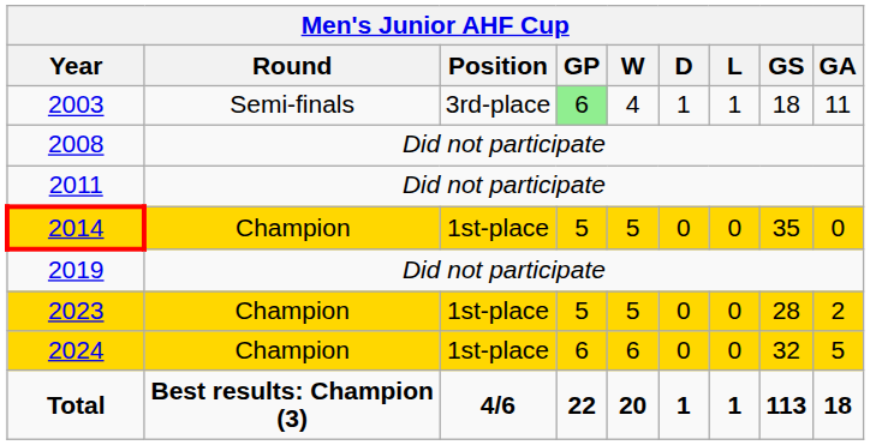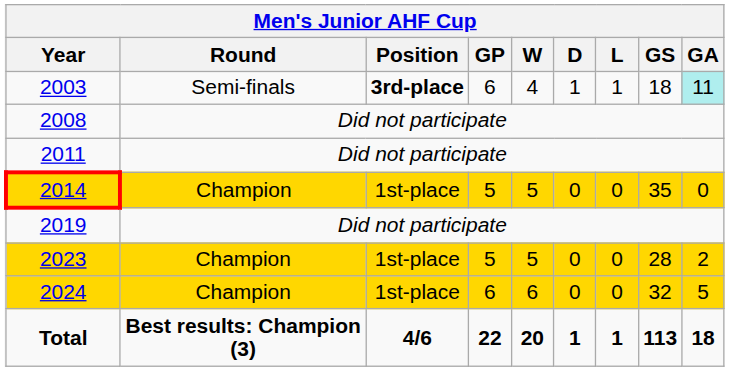 <table class="wikitable" style="text-align: center">
 <tr>
 <th colspan=9><a href='#'>Men's Junior AHF Cup</a></th>
 </tr>
 <tr>
 <th width=80>Year</th>
 <th width=180>Round</th>
 <th>Position</th>
 <th width=25>GP</th>
 <th width=25>W</th>
 <th width=25>D</th>
 <th width=25>L</th>
 <th width=25>GS</th>
 <th width=25>GA</th>
 </tr>
 <tr>
 <td> <a href='#'>2003</a></td>
 <td>Semi-finals</td>
-<td>3rd-place</td>
-<td style="background: lightgreen;">6</td>
+<td><strong>3rd-place</strong></td>
+<td>6</td>
 <td>4</td>
 <td>1</td>
 <td>1</td>
 <td>18</td>
-<td>11</td>
+<td style="background: paleturquoise;">11</td>
 </tr>
 <tr>
 <td> <a href='#'>2008</a></td>
 <td colspan=8><em>Did not participate</em></td>
 </tr>
 <tr>
 <td> <a href='#'>2011</a></td>
 <td colspan=8><em>Did not participate</em></td>
 </tr>
 <tr bgcolor=gold>
 <td style="border: 3px solid red"> <a href='#'>2014</a></td>
 <td>Champion</td>
 <td>1st-place</td>
 <td>5</td>
 <td>5</td>
 <td>0</td>
 <td>0</td>
 <td>35</td>
 <td>0</td>
 </tr>
 <tr>
 <td> <a href='#'>2019</a></td>
 <td colspan=8><em>Did not participate</em></td>
 </tr>
 <tr bgcolor=gold>
 <td> <a href='#'>2023</a></td>
 <td>Champion</td>
 <td>1st-place</td>
 <td>5</td>
 <td>5</td>
 <td>0</td>
 <td>0</td>
 <td>28</td>
 <td>2</td>
 </tr>
 <tr bgcolor=gold>
 <td> <a href='#'>2024</a></td>
 <td>Champion</td>
 <td>1st-place</td>
 <td>6</td>
 <td>6</td>
 <td>0</td>
 <td>0</td>
 <td>32</td>
 <td>5</td>
 </tr>
 <tr>
 <td><strong>Total</strong></td>
 <td><strong>Best results: Champion (3)</strong></td>
 <td><strong>4/6</strong></td>
 <td><strong>22</strong></td>
 <td><strong>20</strong></td>
 <td><strong>1</strong></td>
 <td><strong>1</strong></td>
 <td><strong>113</strong></td>
 <td><strong>18</strong></td>
 </tr>
 </table>
